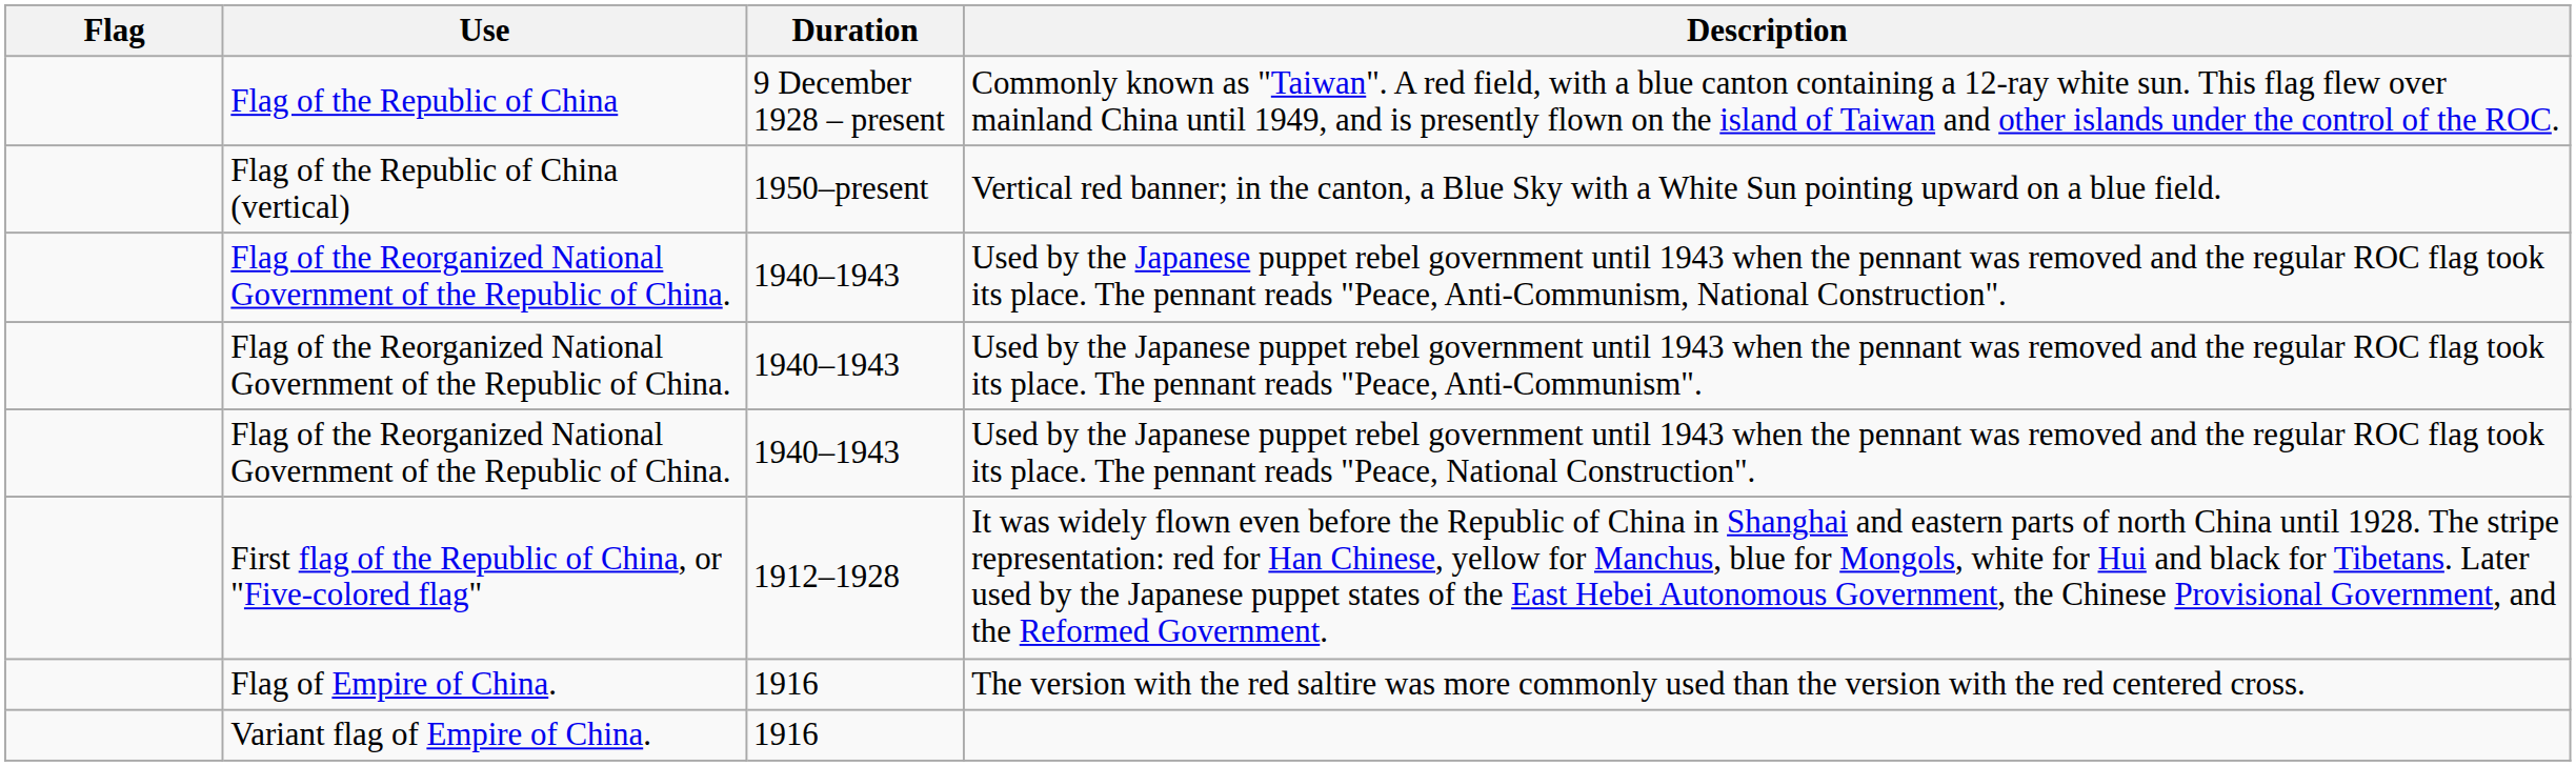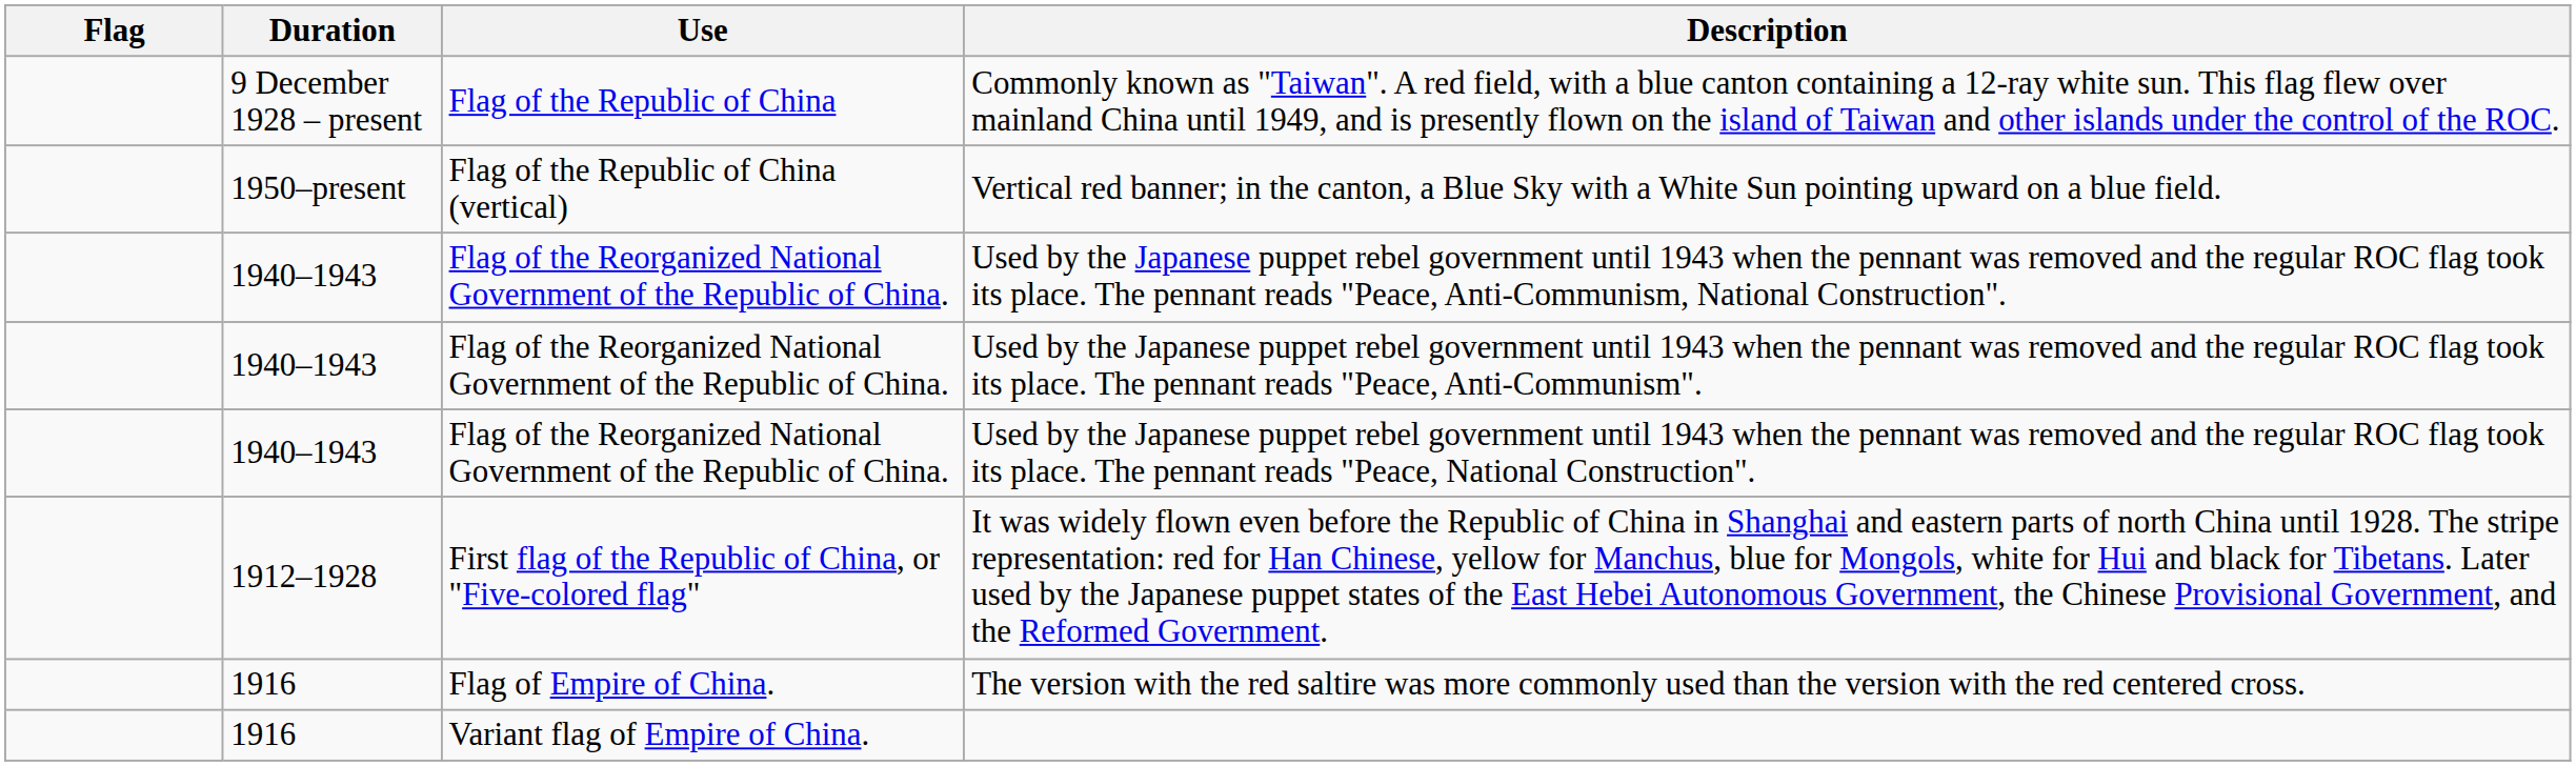 <table class="wikitable" width="100%">
 <tr>
 <th style="width:100px;">Flag</th>
+<th style="width:100px;">Duration</th>
 <th style="width:250px;">Use</th>
-<th style="width:100px;">Duration</th>
 <th style="min-width:250px">Description</th>
 </tr>
 <tr>
 <td></td>
+<td>9 December 1928 – present</td>
 <td><a href='#'>Flag of the Republic of China</a></td>
-<td>9 December 1928 – present</td>
 <td>Commonly known as "<a href='#'>Taiwan</a>". A red field, with a blue canton containing a 12-ray white sun. This flag flew over mainland China until 1949, and is presently flown on the <a href='#'>island of Taiwan</a> and <a href='#'>other islands under the control of the ROC</a>.</td>
 </tr>
 <tr>
 <td></td>
+<td>1950–present</td>
 <td>Flag of the Republic of China (vertical)</td>
-<td>1950–present</td>
 <td>Vertical red banner; in the canton, a Blue Sky with a White Sun pointing upward on a blue field.</td>
 </tr>
 <tr>
 <td></td>
+<td>1940–1943</td>
 <td><a href='#'>Flag of the Reorganized National Government of the Republic of China</a>.</td>
-<td>1940–1943</td>
 <td>Used by the <a href='#'>Japanese</a> puppet rebel government until 1943 when the pennant was removed and the regular ROC flag took its place. The pennant reads "Peace, Anti-Communism, National Construction".</td>
 </tr>
 <tr>
 <td></td>
+<td>1940–1943</td>
 <td>Flag of the Reorganized National Government of the Republic of China.</td>
-<td>1940–1943</td>
 <td>Used by the Japanese puppet rebel government until 1943 when the pennant was removed and the regular ROC flag took its place. The pennant reads "Peace, Anti-Communism".</td>
 </tr>
 <tr>
 <td></td>
+<td>1940–1943</td>
 <td>Flag of the Reorganized National Government of the Republic of China.</td>
-<td>1940–1943</td>
 <td>Used by the Japanese puppet rebel government until 1943 when the pennant was removed and the regular ROC flag took its place. The pennant reads "Peace, National Construction".</td>
 </tr>
 <tr>
 <td></td>
+<td>1912–1928</td>
 <td>First <a href='#'>flag of the Republic of China</a>, or "<a href='#'>Five-colored flag</a>"</td>
-<td>1912–1928</td>
 <td>It was widely flown even before the Republic of China in <a href='#'>Shanghai</a> and eastern parts of north China until 1928. The stripe representation: red for <a href='#'>Han Chinese</a>, yellow for <a href='#'>Manchus</a>, blue for <a href='#'>Mongols</a>, white for <a href='#'>Hui</a> and black for <a href='#'>Tibetans</a>. Later used by the Japanese puppet states of the <a href='#'>East Hebei Autonomous Government</a>, the Chinese <a href='#'>Provisional Government</a>, and the <a href='#'>Reformed Government</a>.</td>
 </tr>
 <tr>
 <td></td>
+<td>1916</td>
 <td>Flag of <a href='#'>Empire of China</a>.</td>
-<td>1916</td>
 <td>The version with the red saltire was more commonly used than the version with the red centered cross.</td>
 </tr>
 <tr>
 <td></td>
+<td>1916</td>
 <td>Variant flag of <a href='#'>Empire of China</a>.</td>
-<td>1916</td>
 <td></td>
 </tr>
 </table>
